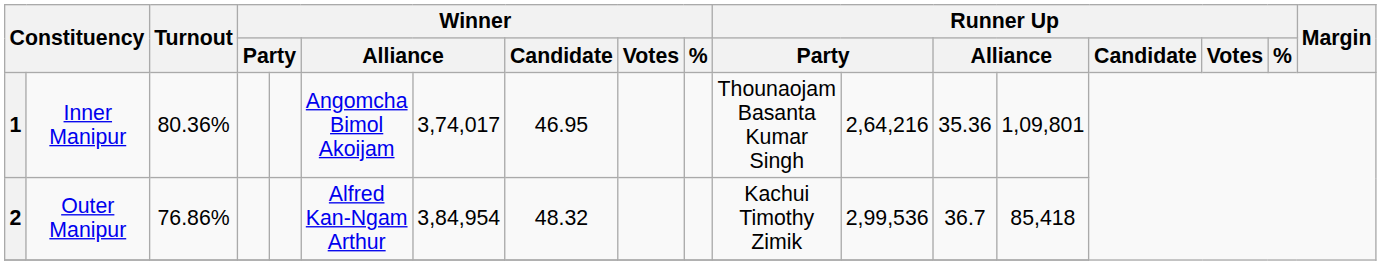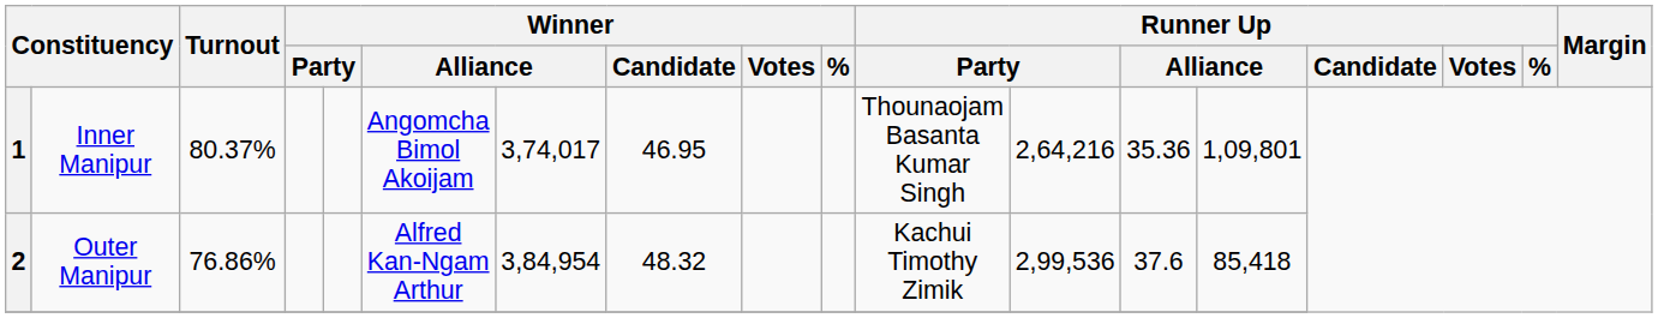 <table class="wikitable sortable" style="text-align:center;">
 <tr>
 <th colspan="2" rowspan="2">Constituency</th>
 <th rowspan="2">Turnout</th>
 <th colspan="7">Winner</th>
 <th colspan="7">Runner Up</th>
 <th rowspan="2">Margin</th>
 </tr>
 <tr>
 <th colspan="2">Party</th>
 <th colspan="2">Alliance</th>
 <th>Candidate</th>
 <th>Votes</th>
 <th>%</th>
 <th colspan="2">Party</th>
 <th colspan="2">Alliance</th>
 <th>Candidate</th>
 <th>Votes</th>
 <th>%</th>
 </tr>
 <tr>
 <th>1</th>
 <td><a href='#'>Inner Manipur</a></td>
-<td>80.36%</td>
+<td>80.37%</td>
 <td></td>
 <td></td>
 <td><a href='#'>Angomcha Bimol Akoijam</a></td>
 <td>3,74,017</td>
 <td>46.95</td>
 <td></td>
 <td></td>
 <td>Thounaojam Basanta Kumar Singh</td>
 <td>2,64,216</td>
 <td>35.36</td>
 <td style="background:">1,09,801</td>
 </tr>
 <tr>
 <th>2</th>
 <td><a href='#'>Outer Manipur</a></td>
 <td>76.86%</td>
 <td></td>
 <td></td>
 <td><a href='#'>Alfred Kan-Ngam Arthur</a></td>
 <td>3,84,954</td>
 <td>48.32</td>
 <td></td>
 <td></td>
 <td>Kachui Timothy Zimik</td>
 <td>2,99,536</td>
-<td>36.7</td>
+<td>37.6</td>
 <td style="background:">85,418</td>
 </tr>
 <tr>
 </tr>
 </table>
